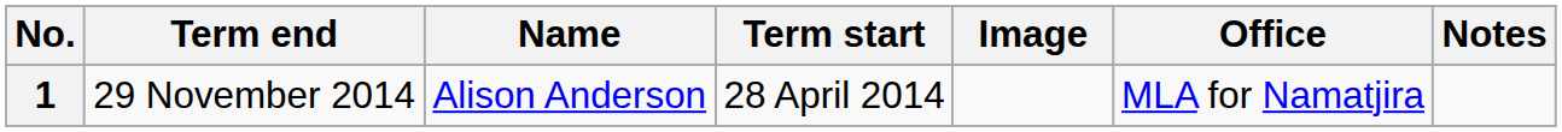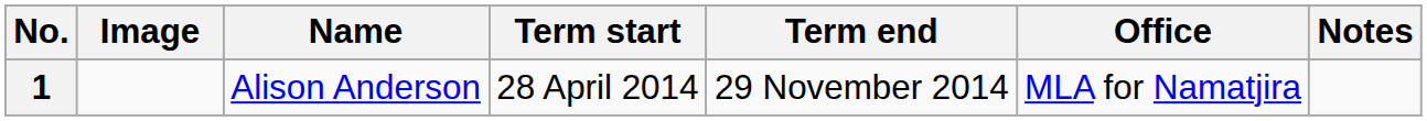 <table class="wikitable" style="text-align:center">
 <tr>
 <th>No.</th>
-<th>Term end</th>
+<th width=60>Image</th>
 <th>Name</th>
 <th>Term start</th>
-<th width=60>Image</th>
+<th>Term end</th>
 <th>Office</th>
 <th>Notes</th>
 </tr>
 <tr>
 <th style="background:">1</th>
-<td>29 November 2014</td>
+<td></td>
 <td><a href='#'>Alison Anderson</a> <br> </td>
 <td>28 April 2014</td>
-<td></td>
+<td>29 November 2014</td>
 <td><a href='#'>MLA</a> for <a href='#'>Namatjira</a> <br> </td>
 <td></td>
 </tr>
 </table>
